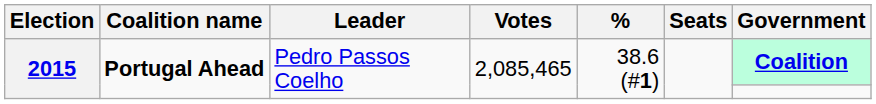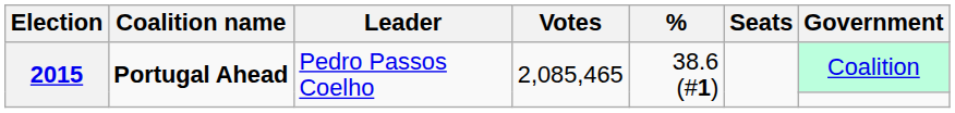 <table class="wikitable" style="text-align:right;">
 <tr>
 <th>Election</th>
 <th>Coalition name</th>
 <th width="140px">Leader</th>
 <th width="60px">Votes</th>
 <th width="57px">%</th>
 <th>Seats</th>
 <th>Government</th>
 </tr>
 <tr>
 <th rowspan="2"><a href='#'>2015</a></th>
 <td rowspan="2" align=center><strong>Portugal Ahead</strong></td>
 <td rowspan="2" align=left><a href='#'>Pedro Passos Coelho</a></td>
 <td rowspan="2">2,085,465</td>
 <td rowspan="2">38.6 (#<strong>1</strong>)</td>
 <td rowspan="2"></td>
-<td style="background-color:#bbffdd" align="center"><strong><a href='#'>Coalition</a></strong></td>
+<td style="background-color:#bbffdd" align="center"><a href='#'>Coalition</a></td>
 </tr>
 <tr>
 <td></td>
 </tr>
 </table>
